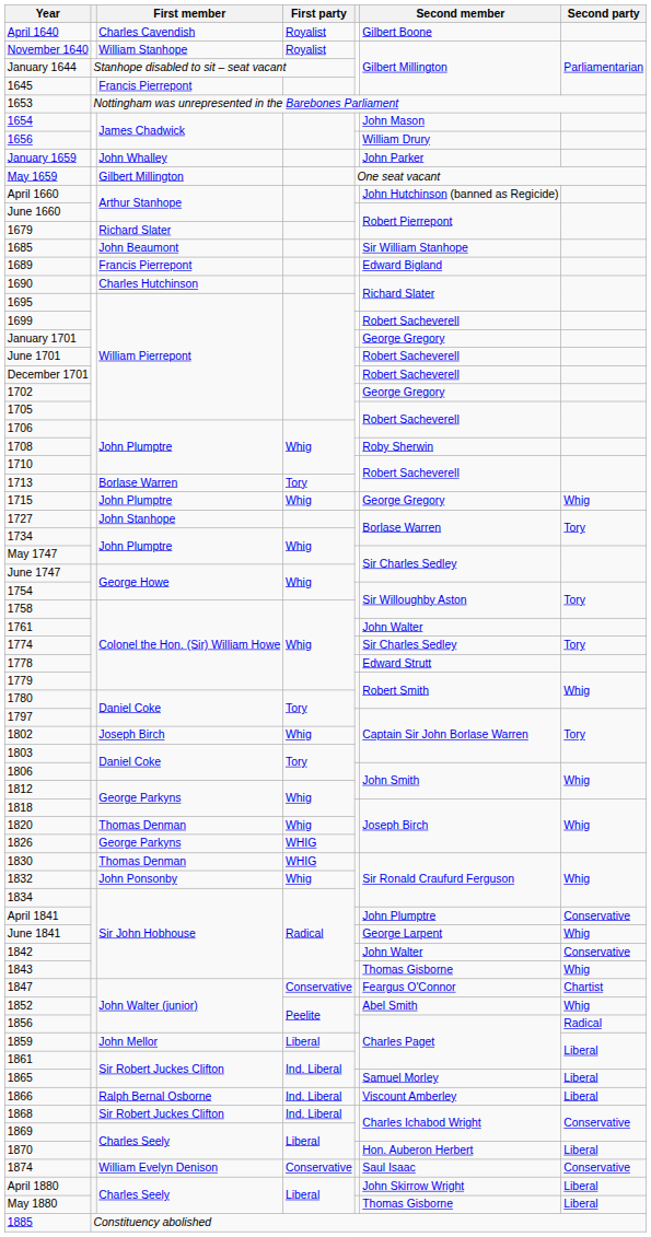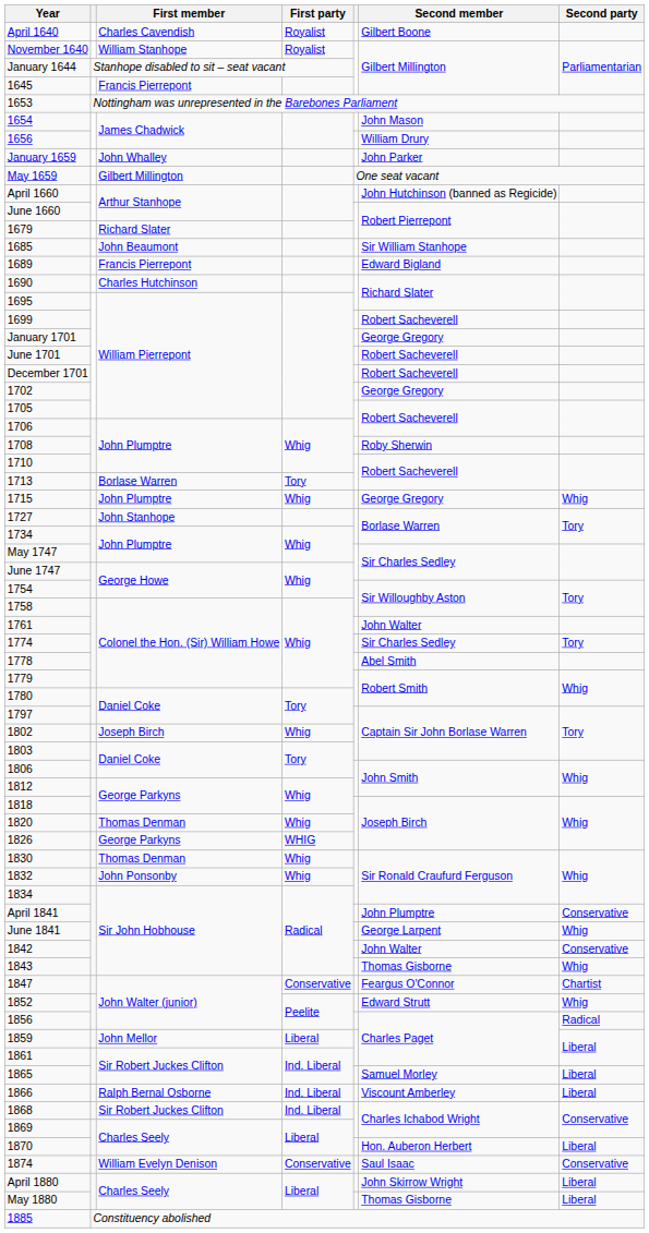 <table class="wikitable">
 <tr>
 <th>Year</th>
 <th></th>
 <th>First member</th>
 <th>First party</th>
 <th></th>
 <th>Second member</th>
 <th>Second party</th>
 </tr>
 <tr>
 <td><a href='#'>April 1640</a></td>
 <td style="color:inherit;background-color: white"></td>
 <td><a href='#'>Charles Cavendish</a></td>
 <td><a href='#'>Royalist</a></td>
 <td style="color:inherit;background-color: white"></td>
 <td><a href='#'>Gilbert Boone</a></td>
 <td></td>
 </tr>
 <tr>
 <td><a href='#'>November 1640</a></td>
 <td style="color:inherit;background-color: white"></td>
 <td><a href='#'>William Stanhope</a></td>
 <td><a href='#'>Royalist</a></td>
 <td rowspan="3" style="color:inherit;background-color: white"></td>
 <td rowspan="3"><a href='#'>Gilbert Millington</a></td>
 <td rowspan="3"><a href='#'>Parliamentarian</a></td>
 </tr>
 <tr>
 <td>January 1644</td>
 <td colspan="3"><em>Stanhope disabled to sit – seat vacant</em></td>
 </tr>
 <tr>
 <td>1645</td>
 <td style="color:inherit;background-color: white"></td>
 <td><a href='#'>Francis Pierrepont</a></td>
 <td></td>
 </tr>
 <tr>
 <td>1653</td>
 <td colspan="6"><em>Nottingham was unrepresented in the <a href='#'>Barebones Parliament</a></em></td>
 </tr>
 <tr>
 <td><a href='#'>1654</a></td>
 <td rowspan="2" style="color:inherit;background-color: white"></td>
 <td rowspan="2"><a href='#'>James Chadwick</a></td>
 <td rowspan="2"></td>
 <td style="color:inherit;background-color: white"></td>
 <td><a href='#'>John Mason</a></td>
 <td></td>
 </tr>
 <tr>
 <td><a href='#'>1656</a></td>
 <td style="color:inherit;background-color: white"></td>
 <td><a href='#'>William Drury</a></td>
 <td></td>
 </tr>
 <tr>
 <td><a href='#'>January 1659</a></td>
 <td style="color:inherit;background-color: white"></td>
 <td><a href='#'>John Whalley</a></td>
 <td></td>
 <td style="color:inherit;background-color: white"></td>
 <td><a href='#'>John Parker</a></td>
 <td></td>
 </tr>
 <tr>
 <td><a href='#'>May 1659</a></td>
 <td style="color:inherit;background-color: white"></td>
 <td><a href='#'>Gilbert Millington</a></td>
 <td></td>
 <td colspan="3"><em>One seat vacant</em></td>
 </tr>
 <tr>
 <td>April 1660</td>
 <td rowspan="2" style="color:inherit;background-color: white"></td>
 <td rowspan="2"><a href='#'>Arthur Stanhope</a></td>
 <td rowspan="2"></td>
 <td style="color:inherit;background-color: white"></td>
 <td><a href='#'>John Hutchinson</a> (banned as Regicide)</td>
 <td></td>
 </tr>
 <tr>
 <td>June 1660</td>
 <td rowspan="2" style="color:inherit;background-color: white"></td>
 <td rowspan="2"><a href='#'>Robert Pierrepont</a></td>
 <td rowspan="2"></td>
 </tr>
 <tr>
 <td>1679</td>
 <td style="color:inherit;background-color: white"></td>
 <td><a href='#'>Richard Slater</a></td>
 <td></td>
 </tr>
 <tr>
 <td>1685</td>
 <td style="color:inherit;background-color: white"></td>
 <td><a href='#'>John Beaumont</a></td>
 <td></td>
 <td style="color:inherit;background-color: white"></td>
 <td><a href='#'>Sir William Stanhope</a></td>
 <td></td>
 </tr>
 <tr>
 <td>1689</td>
 <td style="color:inherit;background-color: white"></td>
 <td><a href='#'>Francis Pierrepont</a></td>
 <td></td>
 <td style="color:inherit;background-color: white"></td>
 <td><a href='#'>Edward Bigland</a></td>
 <td></td>
 </tr>
 <tr>
 <td>1690</td>
 <td style="color:inherit;background-color: white"></td>
 <td><a href='#'>Charles Hutchinson</a></td>
 <td></td>
 <td rowspan="2" style="color:inherit;background-color: white"></td>
 <td rowspan="2"><a href='#'>Richard Slater</a></td>
 <td rowspan="2"></td>
 </tr>
 <tr>
 <td>1695</td>
 <td rowspan="7" style="color:inherit;background-color: white"></td>
 <td rowspan="7"><a href='#'>William Pierrepont</a></td>
 <td rowspan="7"></td>
 </tr>
 <tr>
 <td>1699</td>
 <td style="color:inherit;background-color: white"></td>
 <td><a href='#'>Robert Sacheverell</a></td>
 <td></td>
 </tr>
 <tr>
 <td>January 1701</td>
 <td style="color:inherit;background-color: white"></td>
 <td><a href='#'>George Gregory</a></td>
 <td></td>
 </tr>
 <tr>
 <td>June 1701</td>
 <td style="color:inherit;background-color: white"></td>
 <td><a href='#'>Robert Sacheverell</a></td>
 <td></td>
 </tr>
 <tr>
 <td>December 1701</td>
 <td style="color:inherit;background-color: white"></td>
 <td><a href='#'>Robert Sacheverell</a></td>
 <td></td>
 </tr>
 <tr>
 <td>1702</td>
 <td style="color:inherit;background-color: white"></td>
 <td><a href='#'>George Gregory</a></td>
 <td></td>
 </tr>
 <tr>
 <td>1705</td>
 <td rowspan="2" style="color:inherit;background-color: white"></td>
 <td rowspan="2"><a href='#'>Robert Sacheverell</a></td>
 <td rowspan="2"></td>
 </tr>
 <tr>
 <td>1706</td>
 <td rowspan="3" style="color:inherit;background-color: "></td>
 <td rowspan="3"><a href='#'>John Plumptre</a></td>
 <td rowspan="3"><a href='#'>Whig</a></td>
 </tr>
 <tr>
 <td>1708</td>
 <td style="color:inherit;background-color: white"></td>
 <td><a href='#'>Roby Sherwin</a></td>
 <td></td>
 </tr>
 <tr>
 <td>1710</td>
 <td rowspan="2" style="color:inherit;background-color: white"></td>
 <td rowspan="2"><a href='#'>Robert Sacheverell</a></td>
 <td rowspan="2"></td>
 </tr>
 <tr>
 <td>1713</td>
 <td style="color:inherit;background-color: "></td>
 <td><a href='#'>Borlase Warren</a></td>
 <td><a href='#'>Tory</a></td>
 </tr>
 <tr>
 <td>1715</td>
 <td style="color:inherit;background-color: "></td>
 <td><a href='#'>John Plumptre</a></td>
 <td><a href='#'>Whig</a></td>
 <td style="color:inherit;background-color: "></td>
 <td><a href='#'>George Gregory</a></td>
 <td><a href='#'>Whig</a></td>
 </tr>
 <tr>
 <td>1727</td>
 <td style="color:inherit;background-color: white"></td>
 <td><a href='#'>John Stanhope</a></td>
 <td></td>
 <td rowspan="2" style="color:inherit;background-color: "></td>
 <td rowspan="2"><a href='#'>Borlase Warren</a></td>
 <td rowspan="2"><a href='#'>Tory</a></td>
 </tr>
 <tr>
 <td>1734</td>
 <td rowspan="2" style="color:inherit;background-color: "></td>
 <td rowspan="2"><a href='#'>John Plumptre</a></td>
 <td rowspan="2"><a href='#'>Whig</a></td>
 </tr>
 <tr>
 <td>May 1747</td>
 <td rowspan="2" style="color:inherit;background-color: white"></td>
 <td rowspan="2"><a href='#'>Sir Charles Sedley</a></td>
 <td rowspan="2"></td>
 </tr>
 <tr>
 <td>June 1747</td>
 <td rowspan="2" style="color:inherit;background-color: "></td>
 <td rowspan="2"><a href='#'>George Howe</a></td>
 <td rowspan="2"><a href='#'>Whig</a></td>
 </tr>
 <tr>
 <td>1754</td>
 <td rowspan="2" style="color:inherit;background-color: "></td>
 <td rowspan="2"><a href='#'>Sir Willoughby Aston</a></td>
 <td rowspan="2"><a href='#'>Tory</a></td>
 </tr>
 <tr>
 <td>1758</td>
 <td rowspan="5" style="color:inherit;background-color: "></td>
 <td rowspan="5"><a href='#'>Colonel the Hon. (Sir) William Howe</a></td>
 <td rowspan="5"><a href='#'>Whig</a></td>
 </tr>
 <tr>
 <td>1761</td>
 <td style="color:inherit;background-color: white"></td>
 <td><a href='#'>John Walter</a></td>
 <td></td>
 </tr>
 <tr>
 <td>1774</td>
 <td style="color:inherit;background-color: "></td>
 <td><a href='#'>Sir Charles Sedley</a></td>
 <td><a href='#'>Tory</a></td>
 </tr>
 <tr>
 <td>1778</td>
 <td style="color:inherit;background-color: white"></td>
-<td><a href='#'>Edward Strutt</a></td>
+<td><a href='#'>Abel Smith</a></td>
 <td></td>
 </tr>
 <tr>
 <td>1779</td>
 <td rowspan="2" style="color:inherit;background-color: "></td>
 <td rowspan="2"><a href='#'>Robert Smith</a></td>
 <td rowspan="2"><a href='#'>Whig</a></td>
 </tr>
 <tr>
 <td>1780</td>
 <td rowspan="2" style="color:inherit;background-color: "></td>
 <td rowspan="2"><a href='#'>Daniel Coke</a></td>
 <td rowspan="2"><a href='#'>Tory</a></td>
 </tr>
 <tr>
 <td>1797</td>
 <td rowspan="3" style="color:inherit;background-color: "></td>
 <td rowspan="3"><a href='#'>Captain Sir John Borlase Warren</a></td>
 <td rowspan="3"><a href='#'>Tory</a></td>
 </tr>
 <tr>
 <td>1802</td>
 <td style="color:inherit;background-color: "></td>
 <td><a href='#'>Joseph Birch</a></td>
 <td><a href='#'>Whig</a></td>
 </tr>
 <tr>
 <td>1803</td>
 <td rowspan="2" style="color:inherit;background-color: "></td>
 <td rowspan="2"><a href='#'>Daniel Coke</a></td>
 <td rowspan="2"><a href='#'>Tory</a></td>
 </tr>
 <tr>
 <td>1806</td>
 <td rowspan="2" style="color:inherit;background-color: "></td>
 <td rowspan="2"><a href='#'>John Smith</a></td>
 <td rowspan="2"><a href='#'>Whig</a></td>
 </tr>
 <tr>
 <td>1812</td>
 <td rowspan="2" style="color:inherit;background-color: "></td>
 <td rowspan="2"><a href='#'>George Parkyns</a></td>
 <td rowspan="2"><a href='#'>Whig</a></td>
 </tr>
 <tr>
 <td>1818</td>
 <td rowspan="3" style="color:inherit;background-color: "></td>
 <td rowspan="3"><a href='#'>Joseph Birch</a></td>
 <td rowspan="3"><a href='#'>Whig</a></td>
 </tr>
 <tr>
 <td>1820</td>
 <td style="color:inherit;background-color: "></td>
 <td><a href='#'>Thomas Denman</a></td>
 <td><a href='#'>Whig</a></td>
 </tr>
 <tr>
 <td>1826</td>
 <td style="color:inherit;background-color: "></td>
 <td><a href='#'>George Parkyns</a></td>
 <td><a href='#'>WHIG</a></td>
 </tr>
 <tr>
 <td>1830</td>
 <td style="color:inherit;background-color: "></td>
 <td><a href='#'>Thomas Denman</a></td>
-<td><a href='#'>WHIG</a></td>
+<td><a href='#'>Whig</a></td>
 <td rowspan="3" style="color:inherit;background-color: "></td>
 <td rowspan="3"><a href='#'>Sir Ronald Craufurd Ferguson</a></td>
 <td rowspan="3"><a href='#'>Whig</a></td>
 </tr>
 <tr>
 <td>1832</td>
 <td style="color:inherit;background-color: "></td>
 <td><a href='#'>John Ponsonby</a></td>
 <td><a href='#'>Whig</a></td>
 </tr>
 <tr>
 <td>1834</td>
 <td rowspan="5" style="color:inherit;background-color: "></td>
 <td rowspan="5"><a href='#'>Sir John Hobhouse</a></td>
 <td rowspan="5"><a href='#'>Radical</a></td>
 </tr>
 <tr>
 <td>April 1841</td>
 <td style="color:inherit;background-color: "></td>
 <td><a href='#'>John Plumptre</a></td>
 <td><a href='#'>Conservative</a></td>
 </tr>
 <tr>
 <td>June 1841</td>
 <td style="color:inherit;background-color: "></td>
 <td><a href='#'>George Larpent</a></td>
 <td><a href='#'>Whig</a></td>
 </tr>
 <tr>
 <td>1842</td>
 <td style="color:inherit;background-color: "></td>
 <td><a href='#'>John Walter</a></td>
 <td><a href='#'>Conservative</a></td>
 </tr>
 <tr>
 <td>1843</td>
 <td style="color:inherit;background-color: "></td>
 <td><a href='#'>Thomas Gisborne</a></td>
 <td><a href='#'>Whig</a></td>
 </tr>
 <tr>
 <td>1847</td>
 <td style="color:inherit;background-color: "></td>
 <td rowspan="3"><a href='#'>John Walter (junior)</a></td>
 <td><a href='#'>Conservative</a></td>
 <td style="color:inherit;background-color: "></td>
 <td><a href='#'>Feargus O'Connor</a></td>
 <td><a href='#'>Chartist</a></td>
 </tr>
 <tr>
 <td>1852</td>
 <td rowspan="2" style="color:inherit;background-color: "></td>
 <td rowspan="2"><a href='#'>Peelite</a></td>
 <td style="color:inherit;background-color: "></td>
-<td><a href='#'>Abel Smith</a></td>
+<td><a href='#'>Edward Strutt</a></td>
 <td><a href='#'>Whig</a></td>
 </tr>
 <tr>
 <td>1856</td>
 <td style="color:inherit;background-color: "></td>
 <td rowspan="3"><a href='#'>Charles Paget</a></td>
 <td><a href='#'>Radical</a></td>
 </tr>
 <tr>
 <td>1859</td>
 <td style="color:inherit;background-color: "></td>
 <td><a href='#'>John Mellor</a></td>
 <td><a href='#'>Liberal</a></td>
 <td rowspan="2" style="color:inherit;background-color: "></td>
 <td rowspan="2"><a href='#'>Liberal</a></td>
 </tr>
 <tr>
 <td>1861</td>
 <td rowspan="2" style="color:inherit;background-color: "></td>
 <td rowspan="2"><a href='#'>Sir Robert Juckes Clifton</a></td>
 <td rowspan="2"><a href='#'>Ind. Liberal</a></td>
 </tr>
 <tr>
 <td>1865</td>
 <td style="color:inherit;background-color: "></td>
 <td><a href='#'>Samuel Morley</a></td>
 <td><a href='#'>Liberal</a></td>
 </tr>
 <tr>
 <td>1866</td>
 <td style="color:inherit;background-color: "></td>
 <td><a href='#'>Ralph Bernal Osborne</a></td>
 <td><a href='#'>Ind. Liberal</a></td>
 <td style="color:inherit;background-color: "></td>
 <td><a href='#'>Viscount Amberley</a></td>
 <td><a href='#'>Liberal</a></td>
 </tr>
 <tr>
 <td>1868</td>
 <td style="color:inherit;background-color: "></td>
 <td><a href='#'>Sir Robert Juckes Clifton</a></td>
 <td><a href='#'>Ind. Liberal</a></td>
 <td rowspan="2" style="color:inherit;background-color: "></td>
 <td rowspan="2"><a href='#'>Charles Ichabod Wright</a></td>
 <td rowspan="2"><a href='#'>Conservative</a></td>
 </tr>
 <tr>
 <td>1869</td>
 <td rowspan="2" style="color:inherit;background-color: "></td>
 <td rowspan="2"><a href='#'>Charles Seely</a></td>
 <td rowspan="2"><a href='#'>Liberal</a></td>
 </tr>
 <tr>
 <td>1870</td>
 <td style="color:inherit;background-color: "></td>
 <td><a href='#'>Hon. Auberon Herbert</a></td>
 <td><a href='#'>Liberal</a></td>
 </tr>
 <tr>
 <td>1874</td>
 <td style="color:inherit;background-color: "></td>
 <td><a href='#'>William Evelyn Denison</a></td>
 <td><a href='#'>Conservative</a></td>
 <td style="color:inherit;background-color: "></td>
 <td><a href='#'>Saul Isaac</a></td>
 <td><a href='#'>Conservative</a></td>
 </tr>
 <tr>
 <td>April 1880</td>
 <td rowspan="2" style="color:inherit;background-color: "></td>
 <td rowspan="2"><a href='#'>Charles Seely</a></td>
 <td rowspan="2"><a href='#'>Liberal</a></td>
 <td style="color:inherit;background-color: "></td>
 <td><a href='#'>John Skirrow Wright</a></td>
 <td><a href='#'>Liberal</a></td>
 </tr>
 <tr>
 <td>May 1880</td>
 <td style="color:inherit;background-color: "></td>
 <td><a href='#'>Thomas Gisborne</a></td>
 <td><a href='#'>Liberal</a></td>
 </tr>
 <tr>
 <td><a href='#'>1885</a></td>
 <td colspan="6"><em>Constituency abolished</em></td>
 </tr>
 </table>
